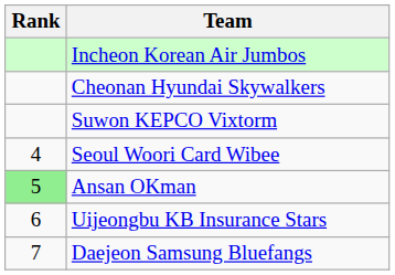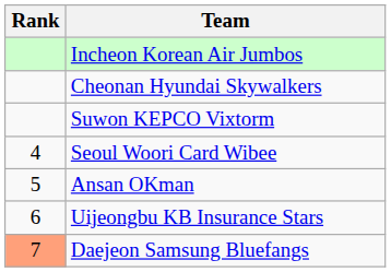 <table class="wikitable" style="text-align: center;">
 <tr>
 <th width=40>Rank</th>
 <th width=240>Team</th>
 </tr>
 <tr bgcolor=#ccffcc>
 <td></td>
 <td align=left><a href='#'>Incheon Korean Air Jumbos</a></td>
 </tr>
 <tr>
 <td></td>
 <td align=left><a href='#'>Cheonan Hyundai Skywalkers</a></td>
 </tr>
 <tr>
 <td></td>
 <td align=left><a href='#'>Suwon KEPCO Vixtorm</a></td>
 </tr>
 <tr>
 <td>4</td>
 <td align=left><a href='#'>Seoul Woori Card Wibee</a></td>
 </tr>
 <tr>
-<td style="background: lightgreen;">5</td>
+<td>5</td>
 <td align=left><a href='#'>Ansan OKman</a></td>
 </tr>
 <tr>
 <td>6</td>
 <td align=left><a href='#'>Uijeongbu KB Insurance Stars</a></td>
 </tr>
 <tr>
-<td>7</td>
+<td style="background: lightsalmon;">7</td>
 <td align=left><a href='#'>Daejeon Samsung Bluefangs</a></td>
 </tr>
 </table>
